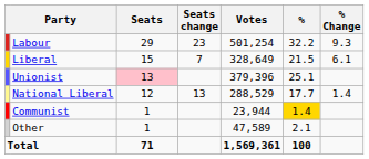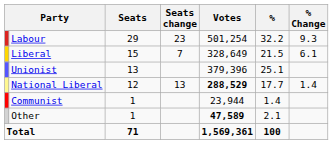 <table class="wikitable sortable">
 <tr>
 <th style="width:100px" colspan=2>Party</th>
 <th style="width:70px;">Seats</th>
 <th style="width:40px;">Seats change</th>
 <th style="width:40px;">Votes</th>
 <th style="width:40px;">%</th>
 <th style="width:40px;">% Change</th>
 </tr>
 <tr>
 <td bgcolor="#DC241f"></td>
 <td><a href='#'>Labour</a></td>
 <td align=center>29</td>
 <td align=center> 23</td>
 <td align=center>501,254</td>
 <td align=center>32.2</td>
 <td align=center> 9.3</td>
 </tr>
 <tr>
 <td bgcolor="#FFD700"></td>
 <td><a href='#'>Liberal</a></td>
 <td align=center>15</td>
 <td align=center> 7</td>
 <td align=center>328,649</td>
 <td align=center>21.5</td>
 <td align=center> 6.1</td>
 </tr>
 <tr>
 <td bgcolor="#5555FF"></td>
 <td><a href='#'>Unionist</a></td>
-<td align=center style="background: pink;">13</td>
+<td align=center>13</td>
 <td align=center></td>
 <td align=center>379,396</td>
 <td align=center>25.1</td>
 <td align=center></td>
 </tr>
 <tr>
 <td bgcolor="#FFF890"></td>
 <td><a href='#'>National Liberal</a></td>
 <td align=center>12</td>
 <td align=center> 13</td>
-<td align=center>288,529</td>
+<td align=center><strong>288,529</strong></td>
 <td align=center>17.7</td>
 <td align=center> 1.4</td>
 </tr>
 <tr>
 <td bgcolor="#FF0000"></td>
 <td><a href='#'>Communist</a></td>
 <td align=center>1</td>
 <td align=center></td>
 <td align=center>23,944</td>
-<td align=center style="background: gold;">1.4</td>
+<td align=center>1.4</td>
 <td align=center></td>
 </tr>
 <tr>
 <td bgcolor="#D3D3D3"></td>
 <td>Other</td>
 <td align="center">1</td>
 <td align="center"></td>
-<td align="center">47,589</td>
+<td align="center"><strong>47,589</strong></td>
 <td align="center">2.1</td>
 <td align="center"></td>
 </tr>
 <tr>
 <td colspan=2><strong>Total</strong></td>
 <td align=center><strong>71</strong></td>
 <td align=center></td>
 <td align=center><strong>1,569,361</strong></td>
 <td align=center><strong>100</strong></td>
 <td align=center></td>
 </tr>
 </table>
